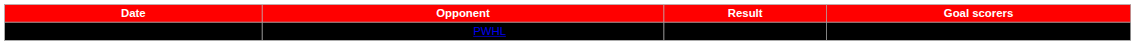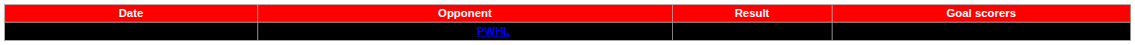 <table class="wikitable" width="80%">
 <tr align="center"  style=" background:red;color:white;">
 <td><strong>Date</strong></td>
 <td><strong>Opponent</strong></td>
 <td><strong>Result</strong></td>
 <td><strong>Goal scorers</strong></td>
 </tr>
 <tr align="center" bgcolor=" ">
 <td>Sept. 23/12</td>
-<td>Etobicoke (<a href='#'>PWHL</a>)</td>
+<td><strong>Etobicoke (<a href='#'>PWHL</a>)</strong></td>
 <td></td>
 <td></td>
 </tr>
 <tr align="center" bgcolor=" ">
 </tr>
 </table>
